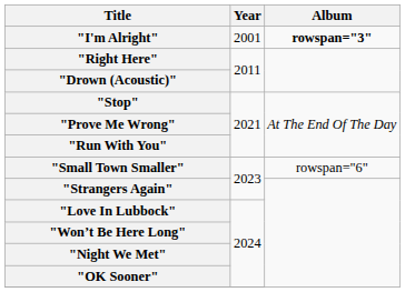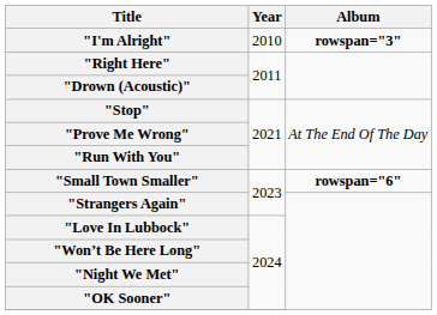 <table class="wikitable plainrowheaders" style="text-align:center">
 <tr>
 <th scope="col" style="width:16em;">Title</th>
 <th scope="col">Year</th>
 <th scope="col">Album</th>
 </tr>
 <tr>
 <th scope="row">"I'm Alright"</th>
-<td>2001</td>
+<td>2010</td>
 <td><strong>rowspan="3" </strong></td>
 </tr>
 <tr>
 <th scope="row">"Right Here"</th>
 <td rowspan="2">2011</td>
 </tr>
 <tr>
 <th scope="row">"Drown (Acoustic)"</th>
 </tr>
 <tr>
 <th scope="row">"Stop"</th>
 <td rowspan="3">2021</td>
 <td rowspan="3"><em>At The End Of The Day</em></td>
 </tr>
 <tr>
 <th scope="row">"Prove Me Wrong"</th>
 </tr>
 <tr>
 <th scope="row">"Run With You"</th>
 </tr>
 <tr>
 <th scope="row">"Small Town Smaller"</th>
 <td rowspan="2">2023</td>
-<td>rowspan="6" </td>
+<td><strong>rowspan="6" </strong></td>
 </tr>
 <tr>
 <th scope="row">"Strangers Again"</th>
 </tr>
 <tr>
 <th scope="row">"Love In Lubbock"</th>
 <td rowspan="4">2024</td>
 </tr>
 <tr>
 <th scope="row">"Won’t Be Here Long"</th>
 </tr>
 <tr>
 <th scope="row">"Night We Met"</th>
 </tr>
 <tr>
 <th scope="row">"OK Sooner"</th>
 </tr>
 <tr>
 </tr>
 </table>
